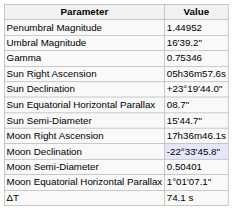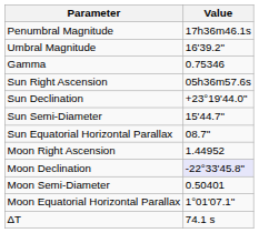 <table class="wikitable">
 <tr>
 <th>Parameter</th>
 <th>Value</th>
 </tr>
 <tr>
 <td>Penumbral Magnitude</td>
-<td>1.44952</td>
+<td>17h36m46.1s</td>
 </tr>
 <tr>
 <td>Umbral Magnitude</td>
 <td>16'39.2"</td>
 </tr>
 <tr>
 <td>Gamma</td>
 <td>0.75346</td>
 </tr>
 <tr>
 <td>Sun Right Ascension</td>
 <td>05h36m57.6s</td>
 </tr>
 <tr>
 <td>Sun Declination</td>
 <td>+23°19'44.0"</td>
 </tr>
 <tr>
+<td>Sun Semi-Diameter</td>
+<td>15'44.7"</td>
+</tr>
+<tr>
 <td>Sun Equatorial Horizontal Parallax</td>
 <td>08.7"</td>
 </tr>
 <tr>
-<td>Sun Semi-Diameter</td>
-<td>15'44.7"</td>
-</tr>
-<tr>
 <td>Moon Right Ascension</td>
-<td>17h36m46.1s</td>
+<td>1.44952</td>
 </tr>
 <tr>
 <td>Moon Declination</td>
 <td style="background: lavender;">-22°33'45.8"</td>
 </tr>
 <tr>
 <td>Moon Semi-Diameter</td>
 <td>0.50401</td>
 </tr>
 <tr>
 <td>Moon Equatorial Horizontal Parallax</td>
 <td>1°01'07.1"</td>
 </tr>
 <tr>
 <td>ΔT</td>
 <td>74.1 s</td>
 </tr>
 </table>
